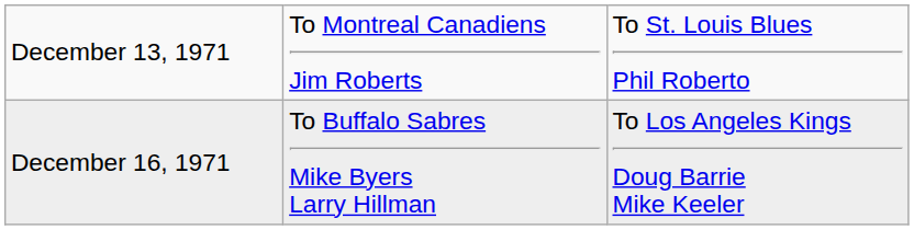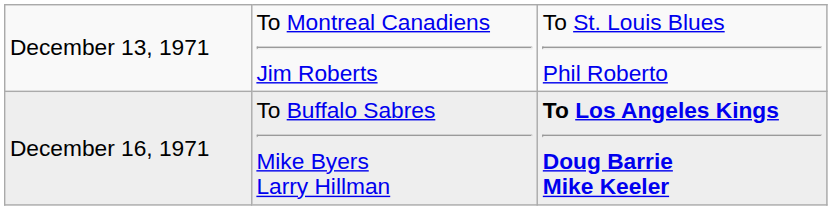 <table class="wikitable" style="border:1px solid #999; width:580px;">
 <tr>
 <td>December 13, 1971</td>
 <td valign="top">To <a href='#'>Montreal Canadiens</a><hr><a href='#'>Jim Roberts</a></td>
 <td valign="top">To <a href='#'>St. Louis Blues</a><hr><a href='#'>Phil Roberto</a></td>
 </tr>
 <tr bgcolor="#eeeeee">
 <td>December 16, 1971</td>
 <td valign="top">To <a href='#'>Buffalo Sabres</a><hr><a href='#'>Mike Byers</a><br><a href='#'>Larry Hillman</a></td>
-<td valign="top">To <a href='#'>Los Angeles Kings</a><hr><a href='#'>Doug Barrie</a><br><a href='#'>Mike Keeler</a></td>
+<td valign="top"><strong>To <a href='#'>Los Angeles Kings</a><hr><a href='#'>Doug Barrie</a><br><a href='#'>Mike Keeler</a></strong></td>
 </tr>
 </table>
